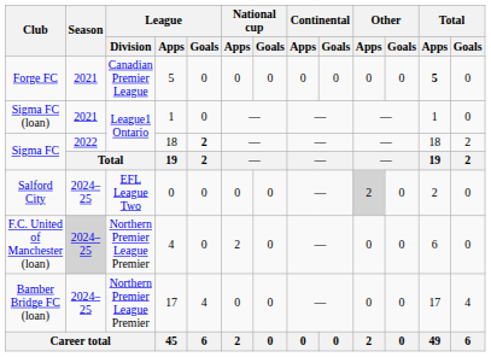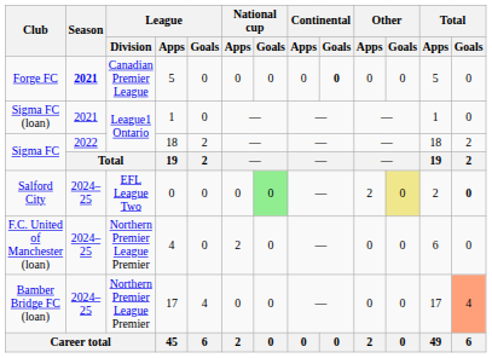 <table class="wikitable" style="text-align: center">
 <tr>
 <th rowspan="2">Club</th>
 <th rowspan="2">Season</th>
 <th colspan="3">League</th>
 <th colspan="2">National cup</th>
 <th colspan="2">Continental</th>
 <th colspan="2">Other</th>
 <th colspan="2">Total</th>
 </tr>
 <tr>
 <th>Division</th>
 <th>Apps</th>
 <th>Goals</th>
 <th>Apps</th>
 <th>Goals</th>
 <th>Apps</th>
 <th>Goals</th>
 <th>Apps</th>
 <th>Goals</th>
 <th>Apps</th>
 <th>Goals</th>
 </tr>
 <tr>
 <td><a href='#'>Forge FC</a></td>
-<td><a href='#'>2021</a></td>
+<td><strong><a href='#'>2021</a></strong></td>
 <td><a href='#'>Canadian Premier League</a></td>
 <td>5</td>
 <td>0</td>
 <td>0</td>
 <td>0</td>
 <td>0</td>
+<td><strong>0</strong></td>
 <td>0</td>
 <td>0</td>
-<td>0</td>
-<td><strong>5</strong></td>
+<td>5</td>
 <td>0</td>
 </tr>
 <tr>
 <td><a href='#'>Sigma FC</a> (loan)</td>
 <td><a href='#'>2021</a></td>
 <td rowspan="2"><a href='#'>League1 Ontario</a></td>
 <td>1</td>
 <td>0</td>
 <td colspan="2">—</td>
 <td colspan="2">—</td>
 <td colspan="2">—</td>
 <td>1</td>
 <td>0</td>
 </tr>
 <tr>
 <td rowspan="2"><a href='#'>Sigma FC</a></td>
 <td><a href='#'>2022</a></td>
 <td>18</td>
-<td><strong>2</strong></td>
+<td>2</td>
 <td colspan="2">—</td>
 <td colspan="2">—</td>
 <td colspan="2">—</td>
 <td>18</td>
 <td>2</td>
 </tr>
 <tr>
 <th colspan="2">Total</th>
 <th>19</th>
 <th>2</th>
 <th colspan="2">—</th>
 <th colspan="2">—</th>
 <th colspan="2">—</th>
 <th>19</th>
 <th>2</th>
 </tr>
 <tr>
 <td><a href='#'>Salford City</a></td>
 <td><a href='#'>2024–25</a></td>
 <td><a href='#'>EFL League Two</a></td>
 <td>0</td>
 <td>0</td>
 <td>0</td>
-<td>0</td>
+<td style="background: lightgreen;">0</td>
 <td colspan="2">—</td>
-<td style="background: lightgrey;">2</td>
-<td>0</td>
 <td>2</td>
-<td>0</td>
+<td style="background: khaki;">0</td>
+<td>2</td>
+<td><strong>0</strong></td>
 </tr>
 <tr>
 <td><a href='#'>F.C. United of Manchester</a> (loan)</td>
-<td style="background: lightgrey;"><a href='#'>2024–25</a></td>
+<td><a href='#'>2024–25</a></td>
 <td><a href='#'>Northern Premier League</a> Premier</td>
 <td>4</td>
 <td>0</td>
 <td>2</td>
 <td>0</td>
 <td colspan="2">—</td>
 <td>0</td>
 <td>0</td>
 <td>6</td>
 <td>0</td>
 </tr>
 <tr>
 <td><a href='#'>Bamber Bridge FC</a>  (loan)</td>
 <td><a href='#'>2024–25</a></td>
 <td><a href='#'>Northern Premier League</a> Premier</td>
 <td>17</td>
 <td>4</td>
 <td>0</td>
 <td>0</td>
 <td colspan="2">—</td>
 <td>0</td>
 <td>0</td>
 <td>17</td>
-<td>4</td>
+<td style="background: lightsalmon;">4</td>
 </tr>
 <tr>
 <th colspan="3">Career total</th>
 <th>45</th>
 <th>6</th>
 <th>2</th>
 <th>0</th>
 <th>0</th>
 <th>0</th>
 <th>2</th>
 <th>0</th>
 <th>49</th>
 <th>6</th>
 </tr>
 </table>
